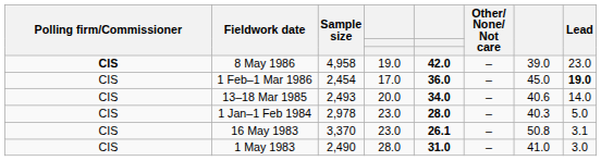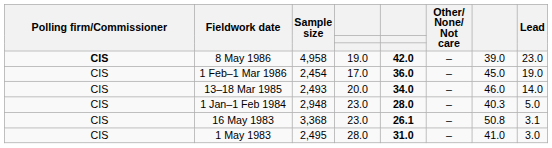 <table class="wikitable collapsible collapsed" style="text-align:center; font-size:90%; line-height:14px;">
 <tr style="height:42px;">
 <th style="width:250px;" rowspan="3">Polling firm/Commissioner</th>
 <th style="width:125px;" rowspan="3">Fieldwork date</th>
 <th style="width:50px;" rowspan="3">Sample size</th>
 <th style="width:55px;"></th>
 <th style="width:55px;"></th>
 <th style="width:55px;" rowspan="3">Other/<br>None/<br>Not<br>care</th>
 <th style="width:55px;" rowspan="3"></th>
 <th style="width:30px;" rowspan="3">Lead</th>
 </tr>
 <tr>
 <th style="color:inherit;background:"></th>
 <th style="color:inherit;background:"></th>
 </tr>
 <tr>
 <th></th>
 <th></th>
 </tr>
 <tr>
 <td><strong>CIS</strong></td>
 <td>8 May 1986</td>
 <td>4,958</td>
 <td>19.0</td>
 <td><strong>42.0</strong></td>
 <td>–</td>
 <td>39.0</td>
 <td style="background:">23.0</td>
 </tr>
 <tr>
 <td>CIS</td>
 <td>1 Feb–1 Mar 1986</td>
 <td>2,454</td>
 <td>17.0</td>
 <td><strong>36.0</strong></td>
 <td>–</td>
 <td>45.0</td>
-<td style="background:"><strong>19.0</strong></td>
+<td style="background:">19.0</td>
 </tr>
 <tr>
 <td>CIS</td>
 <td>13–18 Mar 1985</td>
 <td>2,493</td>
 <td>20.0</td>
 <td><strong>34.0</strong></td>
 <td>–</td>
-<td>40.6</td>
+<td>46.0</td>
 <td style="background:">14.0</td>
 </tr>
 <tr>
 <td>CIS</td>
 <td>1 Jan–1 Feb 1984</td>
-<td>2,978</td>
+<td>2,948</td>
 <td>23.0</td>
 <td><strong>28.0</strong></td>
 <td>–</td>
 <td>40.3</td>
 <td style="background:">5.0</td>
 </tr>
 <tr>
 <td>CIS</td>
 <td>16 May 1983</td>
-<td>3,370</td>
+<td>3,368</td>
 <td>23.0</td>
 <td><strong>26.1</strong></td>
 <td>–</td>
 <td>50.8</td>
 <td style="background:">3.1</td>
 </tr>
 <tr>
 <td>CIS</td>
 <td>1 May 1983</td>
-<td>2,490</td>
+<td>2,495</td>
 <td>28.0</td>
 <td><strong>31.0</strong></td>
 <td>–</td>
 <td>41.0</td>
 <td style="background:">3.0</td>
 </tr>
 </table>
